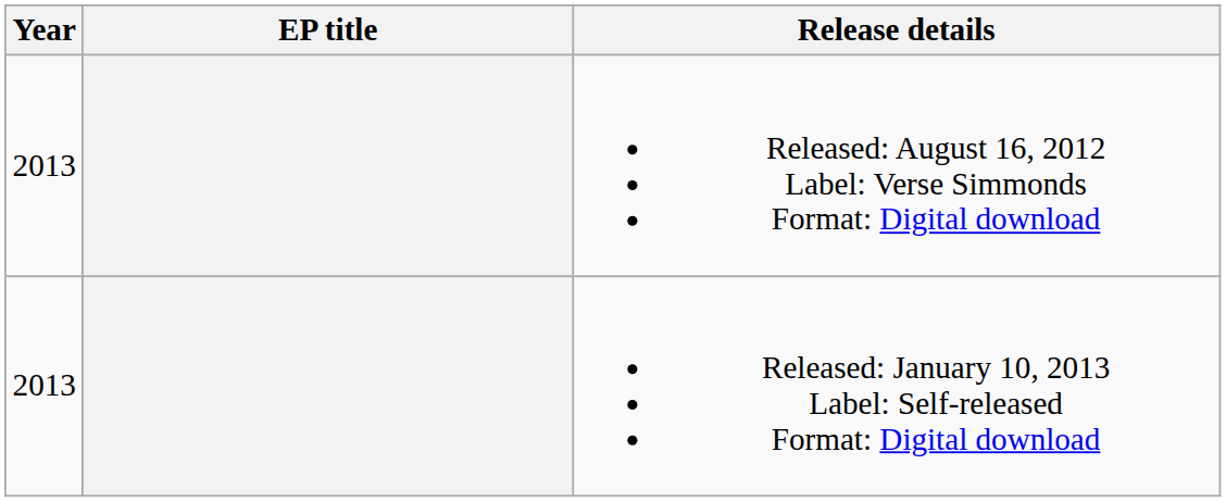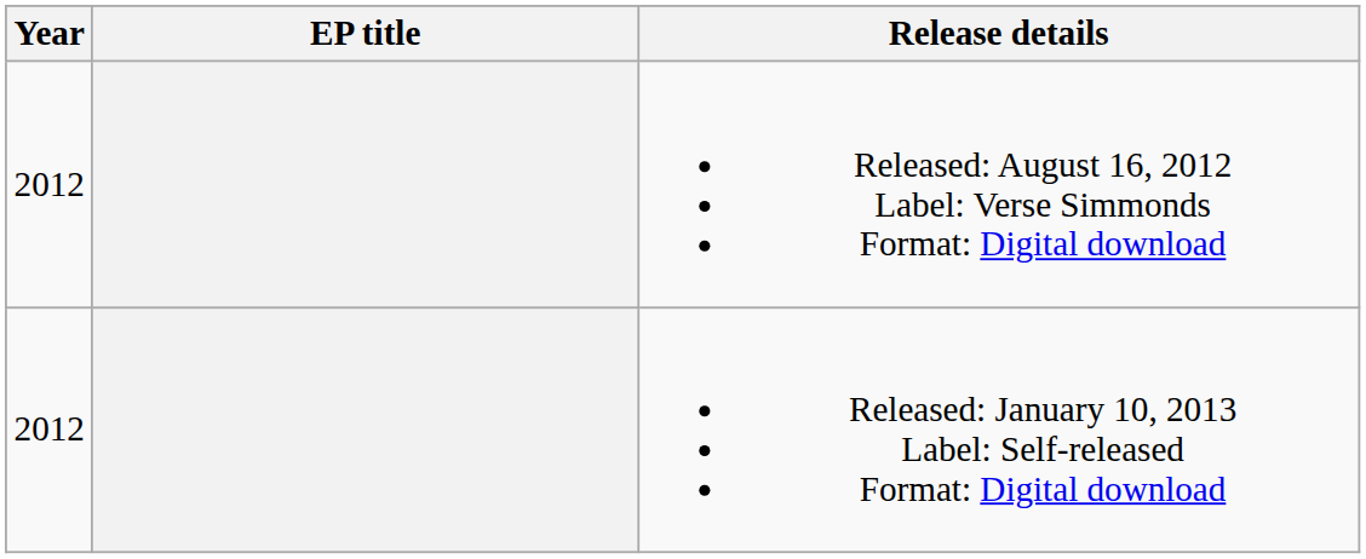 <table class="wikitable plainrowheaders" style="text-align:center;">
 <tr>
 <th>Year</th>
 <th scope="col" style="width:15em;">EP title</th>
 <th scope="col" style="width:20em;">Release details</th>
 </tr>
 <tr>
-<td>2013</td>
+<td>2012</td>
 <th></th>
 <td><br><ul><li>Released: August 16, 2012</li><li>Label: Verse Simmonds</li><li>Format: <a href='#'>Digital download</a></li></ul></td>
 </tr>
 <tr>
-<td>2013</td>
+<td>2012</td>
 <th></th>
 <td><br><ul><li>Released: January 10, 2013</li><li>Label: Self-released </li><li>Format: <a href='#'>Digital download</a></li></ul></td>
 </tr>
 </table>
